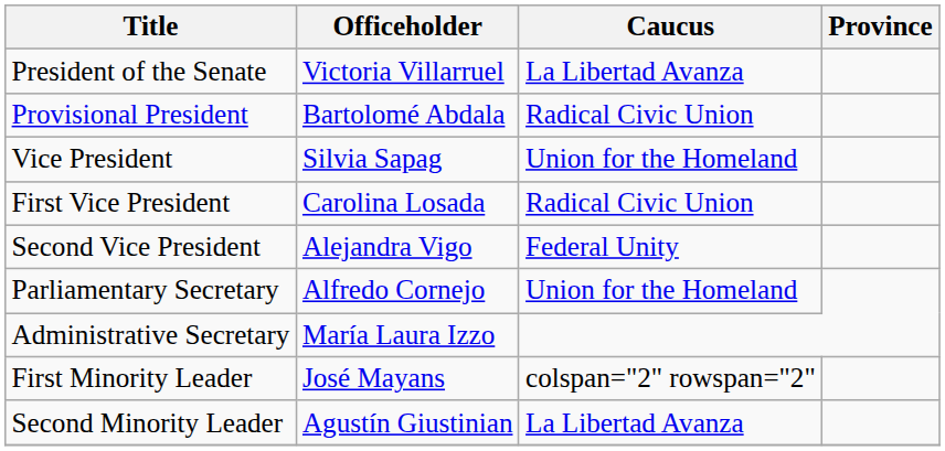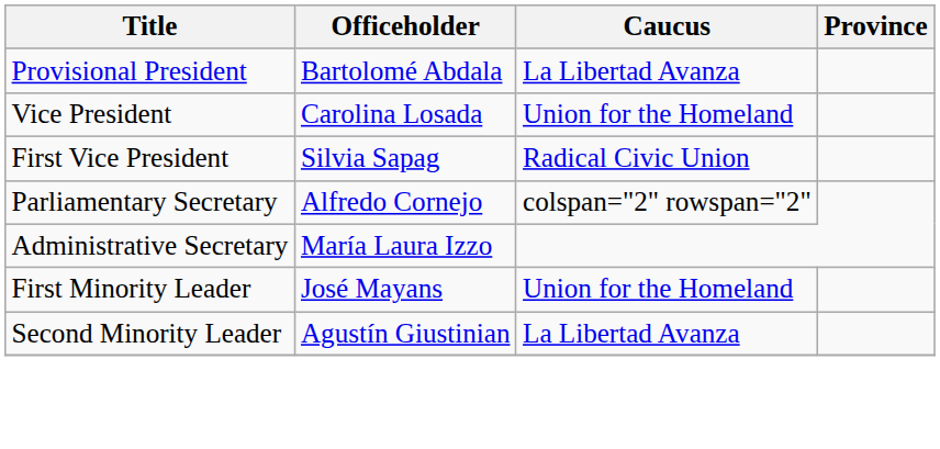 <table class="wikitable">
 <tr>
 <th>Title</th>
 <th>Officeholder</th>
 <th>Caucus</th>
 <th>Province</th>
 </tr>
 <tr>
-<td>President of the Senate</td>
-<td><a href='#'>Victoria Villarruel</a></td>
+<td><a href='#'>Provisional President</a></td>
+<td><a href='#'>Bartolomé Abdala</a></td>
 <td><a href='#'>La Libertad Avanza</a></td>
 <td></td>
 </tr>
 <tr>
-<td><a href='#'>Provisional President</a></td>
-<td><a href='#'>Bartolomé Abdala</a></td>
-<td><a href='#'>Radical Civic Union</a></td>
-<td></td>
-</tr>
-<tr>
 <td>Vice President</td>
-<td><a href='#'>Silvia Sapag</a></td>
+<td><a href='#'>Carolina Losada</a></td>
 <td><a href='#'>Union for the Homeland</a></td>
 <td></td>
 </tr>
 <tr>
 <td>First Vice President</td>
-<td><a href='#'>Carolina Losada</a></td>
+<td><a href='#'>Silvia Sapag</a></td>
 <td><a href='#'>Radical Civic Union</a></td>
-<td></td>
-</tr>
-<tr>
-<td>Second Vice President</td>
-<td><a href='#'>Alejandra Vigo</a></td>
-<td><a href='#'>Federal Unity</a></td>
 <td></td>
 </tr>
 <tr>
 <td>Parliamentary Secretary</td>
 <td><a href='#'>Alfredo Cornejo</a></td>
-<td><a href='#'>Union for the Homeland</a></td>
+<td>colspan="2" rowspan="2" </td>
 </tr>
 <tr>
 <td>Administrative Secretary</td>
 <td><a href='#'>María Laura Izzo</a></td>
 </tr>
 <tr>
 <td>First Minority Leader</td>
 <td><a href='#'>José Mayans</a></td>
-<td>colspan="2" rowspan="2" </td>
+<td><a href='#'>Union for the Homeland</a></td>
 <td></td>
 </tr>
 <tr>
 <td>Second Minority Leader</td>
 <td><a href='#'>Agustín Giustinian</a></td>
 <td><a href='#'>La Libertad Avanza</a></td>
 <td></td>
 </tr>
 <tr>
 </tr>
 </table>
